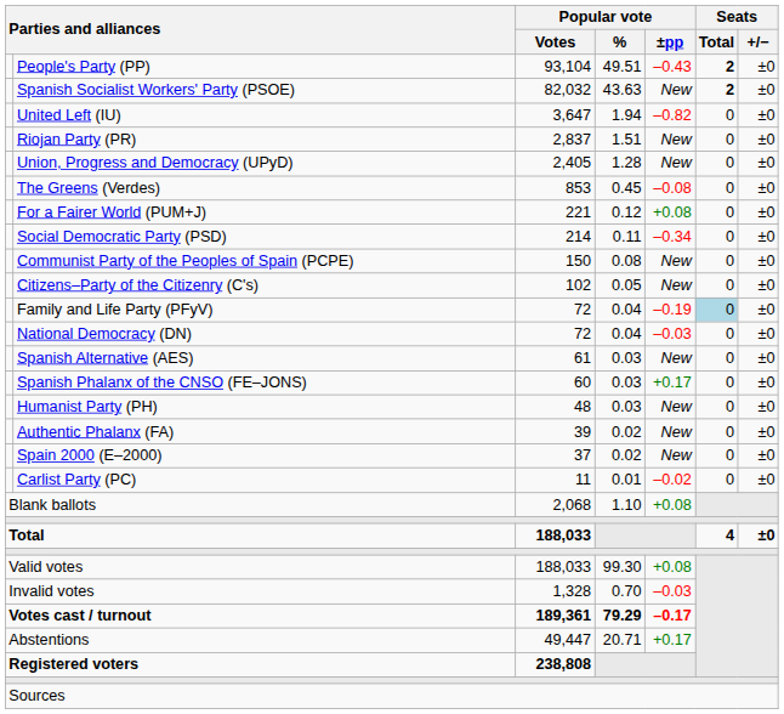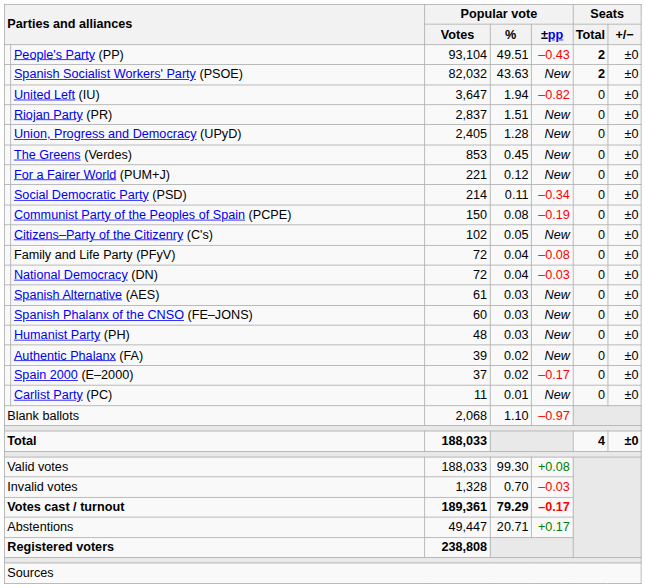 <table class="wikitable" style="text-align:right;">
 <tr>
 <th style="text-align:left;" rowspan="2" colspan="2" width="525">Parties and alliances</th>
 <th colspan="3">Popular vote</th>
 <th colspan="2">Seats</th>
 </tr>
 <tr>
 <th width="75">Votes</th>
 <th width="45">%</th>
 <th width="45">±<a href='#'>pp</a></th>
 <th width="35">Total</th>
 <th width="35">+/−</th>
 </tr>
 <tr>
 <td width="1" style="color:inherit;background:"></td>
 <td align="left"><a href='#'>People's Party</a> (PP)</td>
 <td>93,104</td>
 <td>49.51</td>
 <td style="color:red;">–0.43</td>
 <td><strong>2</strong></td>
 <td>±0</td>
 </tr>
 <tr>
 <td style="color:inherit;background:"></td>
 <td align="left"><a href='#'>Spanish Socialist Workers' Party</a> (PSOE)</td>
 <td>82,032</td>
 <td>43.63</td>
 <td><em>New</em></td>
 <td><strong>2</strong></td>
 <td>±0</td>
 </tr>
 <tr>
 <td style="color:inherit;background:"></td>
 <td align="left"><a href='#'>United Left</a> (IU)</td>
 <td>3,647</td>
 <td>1.94</td>
 <td style="color:red;">–0.82</td>
 <td>0</td>
 <td>±0</td>
 </tr>
 <tr>
 <td style="color:inherit;background:"></td>
 <td align="left"><a href='#'>Riojan Party</a> (PR)</td>
 <td>2,837</td>
 <td>1.51</td>
 <td><em>New</em></td>
 <td>0</td>
 <td>±0</td>
 </tr>
 <tr>
 <td style="color:inherit;background:"></td>
 <td align="left"><a href='#'>Union, Progress and Democracy</a> (UPyD)</td>
 <td>2,405</td>
 <td>1.28</td>
 <td><em>New</em></td>
 <td>0</td>
 <td>±0</td>
 </tr>
 <tr>
 <td style="color:inherit;background:"></td>
 <td align="left"><a href='#'>The Greens</a> (Verdes)</td>
 <td>853</td>
 <td>0.45</td>
-<td style="color:red;">–0.08</td>
+<td><em>New</em></td>
 <td>0</td>
 <td>±0</td>
 </tr>
 <tr>
 <td style="color:inherit;background:"></td>
 <td align="left"><a href='#'>For a Fairer World</a> (PUM+J)</td>
 <td>221</td>
 <td>0.12</td>
-<td style="color:green;">+0.08</td>
+<td><em>New</em></td>
 <td>0</td>
 <td>±0</td>
 </tr>
 <tr>
 <td style="color:inherit;background:"></td>
 <td align="left"><a href='#'>Social Democratic Party</a> (PSD)</td>
 <td>214</td>
 <td>0.11</td>
 <td style="color:red;">–0.34</td>
 <td>0</td>
 <td>±0</td>
 </tr>
 <tr>
 <td style="color:inherit;background:"></td>
 <td align="left"><a href='#'>Communist Party of the Peoples of Spain</a> (PCPE)</td>
 <td>150</td>
 <td>0.08</td>
-<td><em>New</em></td>
+<td style="color:red;">–0.19</td>
 <td>0</td>
 <td>±0</td>
 </tr>
 <tr>
 <td style="color:inherit;background:"></td>
 <td align="left"><a href='#'>Citizens–Party of the Citizenry</a> (C's)</td>
 <td>102</td>
 <td>0.05</td>
 <td><em>New</em></td>
 <td>0</td>
 <td>±0</td>
 </tr>
 <tr>
 <td style="color:inherit;background:"></td>
 <td align="left">Family and Life Party (PFyV)</td>
 <td>72</td>
 <td>0.04</td>
-<td style="color:red;">–0.19</td>
-<td style="background: lightblue;">0</td>
+<td style="color:red;">–0.08</td>
+<td>0</td>
 <td>±0</td>
 </tr>
 <tr>
 <td style="color:inherit;background:"></td>
 <td align="left"><a href='#'>National Democracy</a> (DN)</td>
 <td>72</td>
 <td>0.04</td>
 <td style="color:red;">–0.03</td>
 <td>0</td>
 <td>±0</td>
 </tr>
 <tr>
 <td style="color:inherit;background:"></td>
 <td align="left"><a href='#'>Spanish Alternative</a> (AES)</td>
 <td>61</td>
 <td>0.03</td>
 <td><em>New</em></td>
 <td>0</td>
 <td>±0</td>
 </tr>
 <tr>
 <td style="color:inherit;background:"></td>
 <td align="left"><a href='#'>Spanish Phalanx of the CNSO</a> (FE–JONS)</td>
 <td>60</td>
 <td>0.03</td>
-<td style="color:green;">+0.17</td>
+<td><em>New</em></td>
 <td>0</td>
 <td>±0</td>
 </tr>
 <tr>
 <td style="color:inherit;background:"></td>
 <td align="left"><a href='#'>Humanist Party</a> (PH)</td>
 <td>48</td>
 <td>0.03</td>
 <td><em>New</em></td>
 <td>0</td>
 <td>±0</td>
 </tr>
 <tr>
 <td style="color:inherit;background:"></td>
 <td align="left"><a href='#'>Authentic Phalanx</a> (FA)</td>
 <td>39</td>
 <td>0.02</td>
 <td><em>New</em></td>
 <td>0</td>
 <td>±0</td>
 </tr>
 <tr>
 <td style="color:inherit;background:"></td>
 <td align="left"><a href='#'>Spain 2000</a> (E–2000)</td>
 <td>37</td>
 <td>0.02</td>
-<td><em>New</em></td>
+<td style="color:red;">–0.17</td>
 <td>0</td>
 <td>±0</td>
 </tr>
 <tr>
 <td style="color:inherit;background:"></td>
 <td align="left"><a href='#'>Carlist Party</a> (PC)</td>
 <td>11</td>
 <td>0.01</td>
-<td style="color:red;">–0.02</td>
+<td><em>New</em></td>
 <td>0</td>
 <td>±0</td>
 </tr>
 <tr>
 <td align="left" colspan="2">Blank ballots</td>
 <td>2,068</td>
 <td>1.10</td>
-<td style="color:green;">+0.08</td>
+<td style="color:red;">–0.97</td>
 <td bgcolor="#E9E9E9" colspan="2"></td>
 </tr>
 <tr>
 <td colspan="7" bgcolor="#E9E9E9"></td>
 </tr>
 <tr style="font-weight:bold;">
 <td align="left" colspan="2">Total</td>
 <td>188,033</td>
 <td bgcolor="#E9E9E9" colspan="2"></td>
 <td>4</td>
 <td>±0</td>
 </tr>
 <tr>
 <td colspan="7" bgcolor="#E9E9E9"></td>
 </tr>
 <tr>
 <td align="left" colspan="2">Valid votes</td>
 <td>188,033</td>
 <td>99.30</td>
 <td style="color:green;">+0.08</td>
 <td bgcolor="#E9E9E9" colspan="2" rowspan="5"></td>
 </tr>
 <tr>
 <td align="left" colspan="2">Invalid votes</td>
 <td>1,328</td>
 <td>0.70</td>
 <td style="color:red;">–0.03</td>
 </tr>
 <tr style="font-weight:bold;">
 <td align="left" colspan="2">Votes cast / turnout</td>
 <td>189,361</td>
 <td>79.29</td>
 <td style="color:red;">–0.17</td>
 </tr>
 <tr>
 <td align="left" colspan="2">Abstentions</td>
 <td>49,447</td>
 <td>20.71</td>
 <td style="color:green;">+0.17</td>
 </tr>
 <tr style="font-weight:bold;">
 <td align="left" colspan="2">Registered voters</td>
 <td>238,808</td>
 <td bgcolor="#E9E9E9" colspan="2"></td>
 </tr>
 <tr>
 <td colspan="7" bgcolor="#E9E9E9"></td>
 </tr>
 <tr>
 <td align="left" colspan="7">Sources</td>
 </tr>
 </table>
